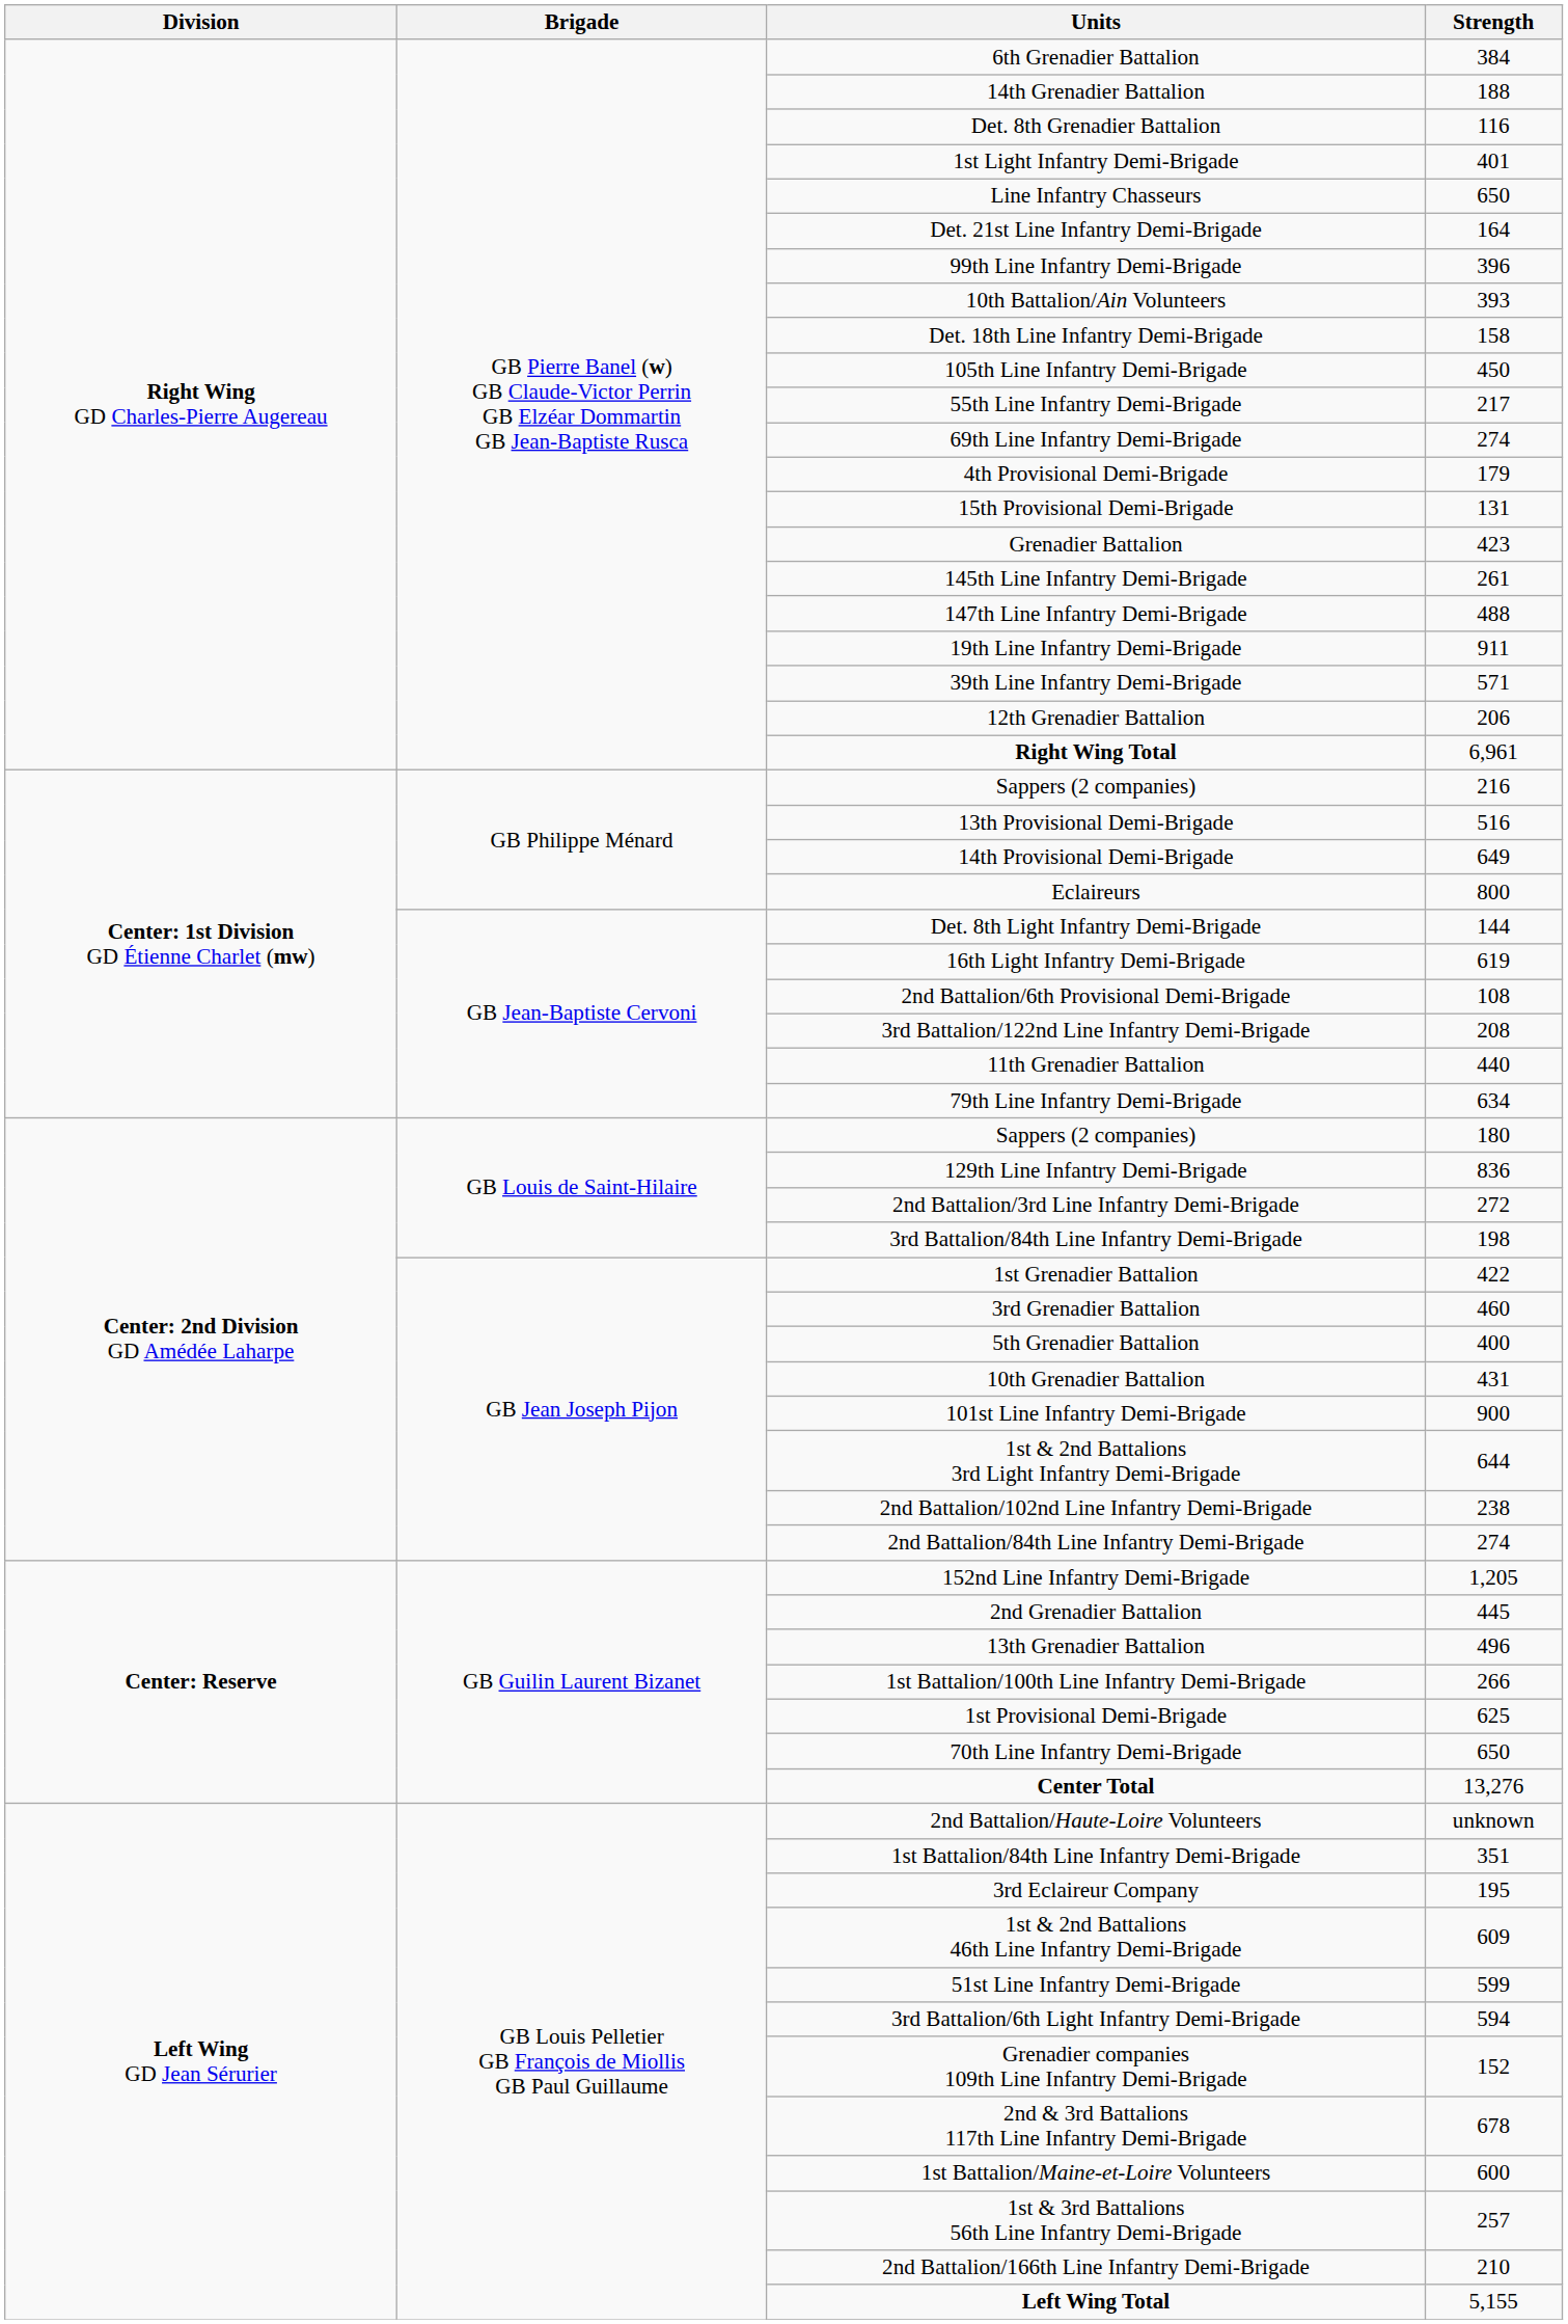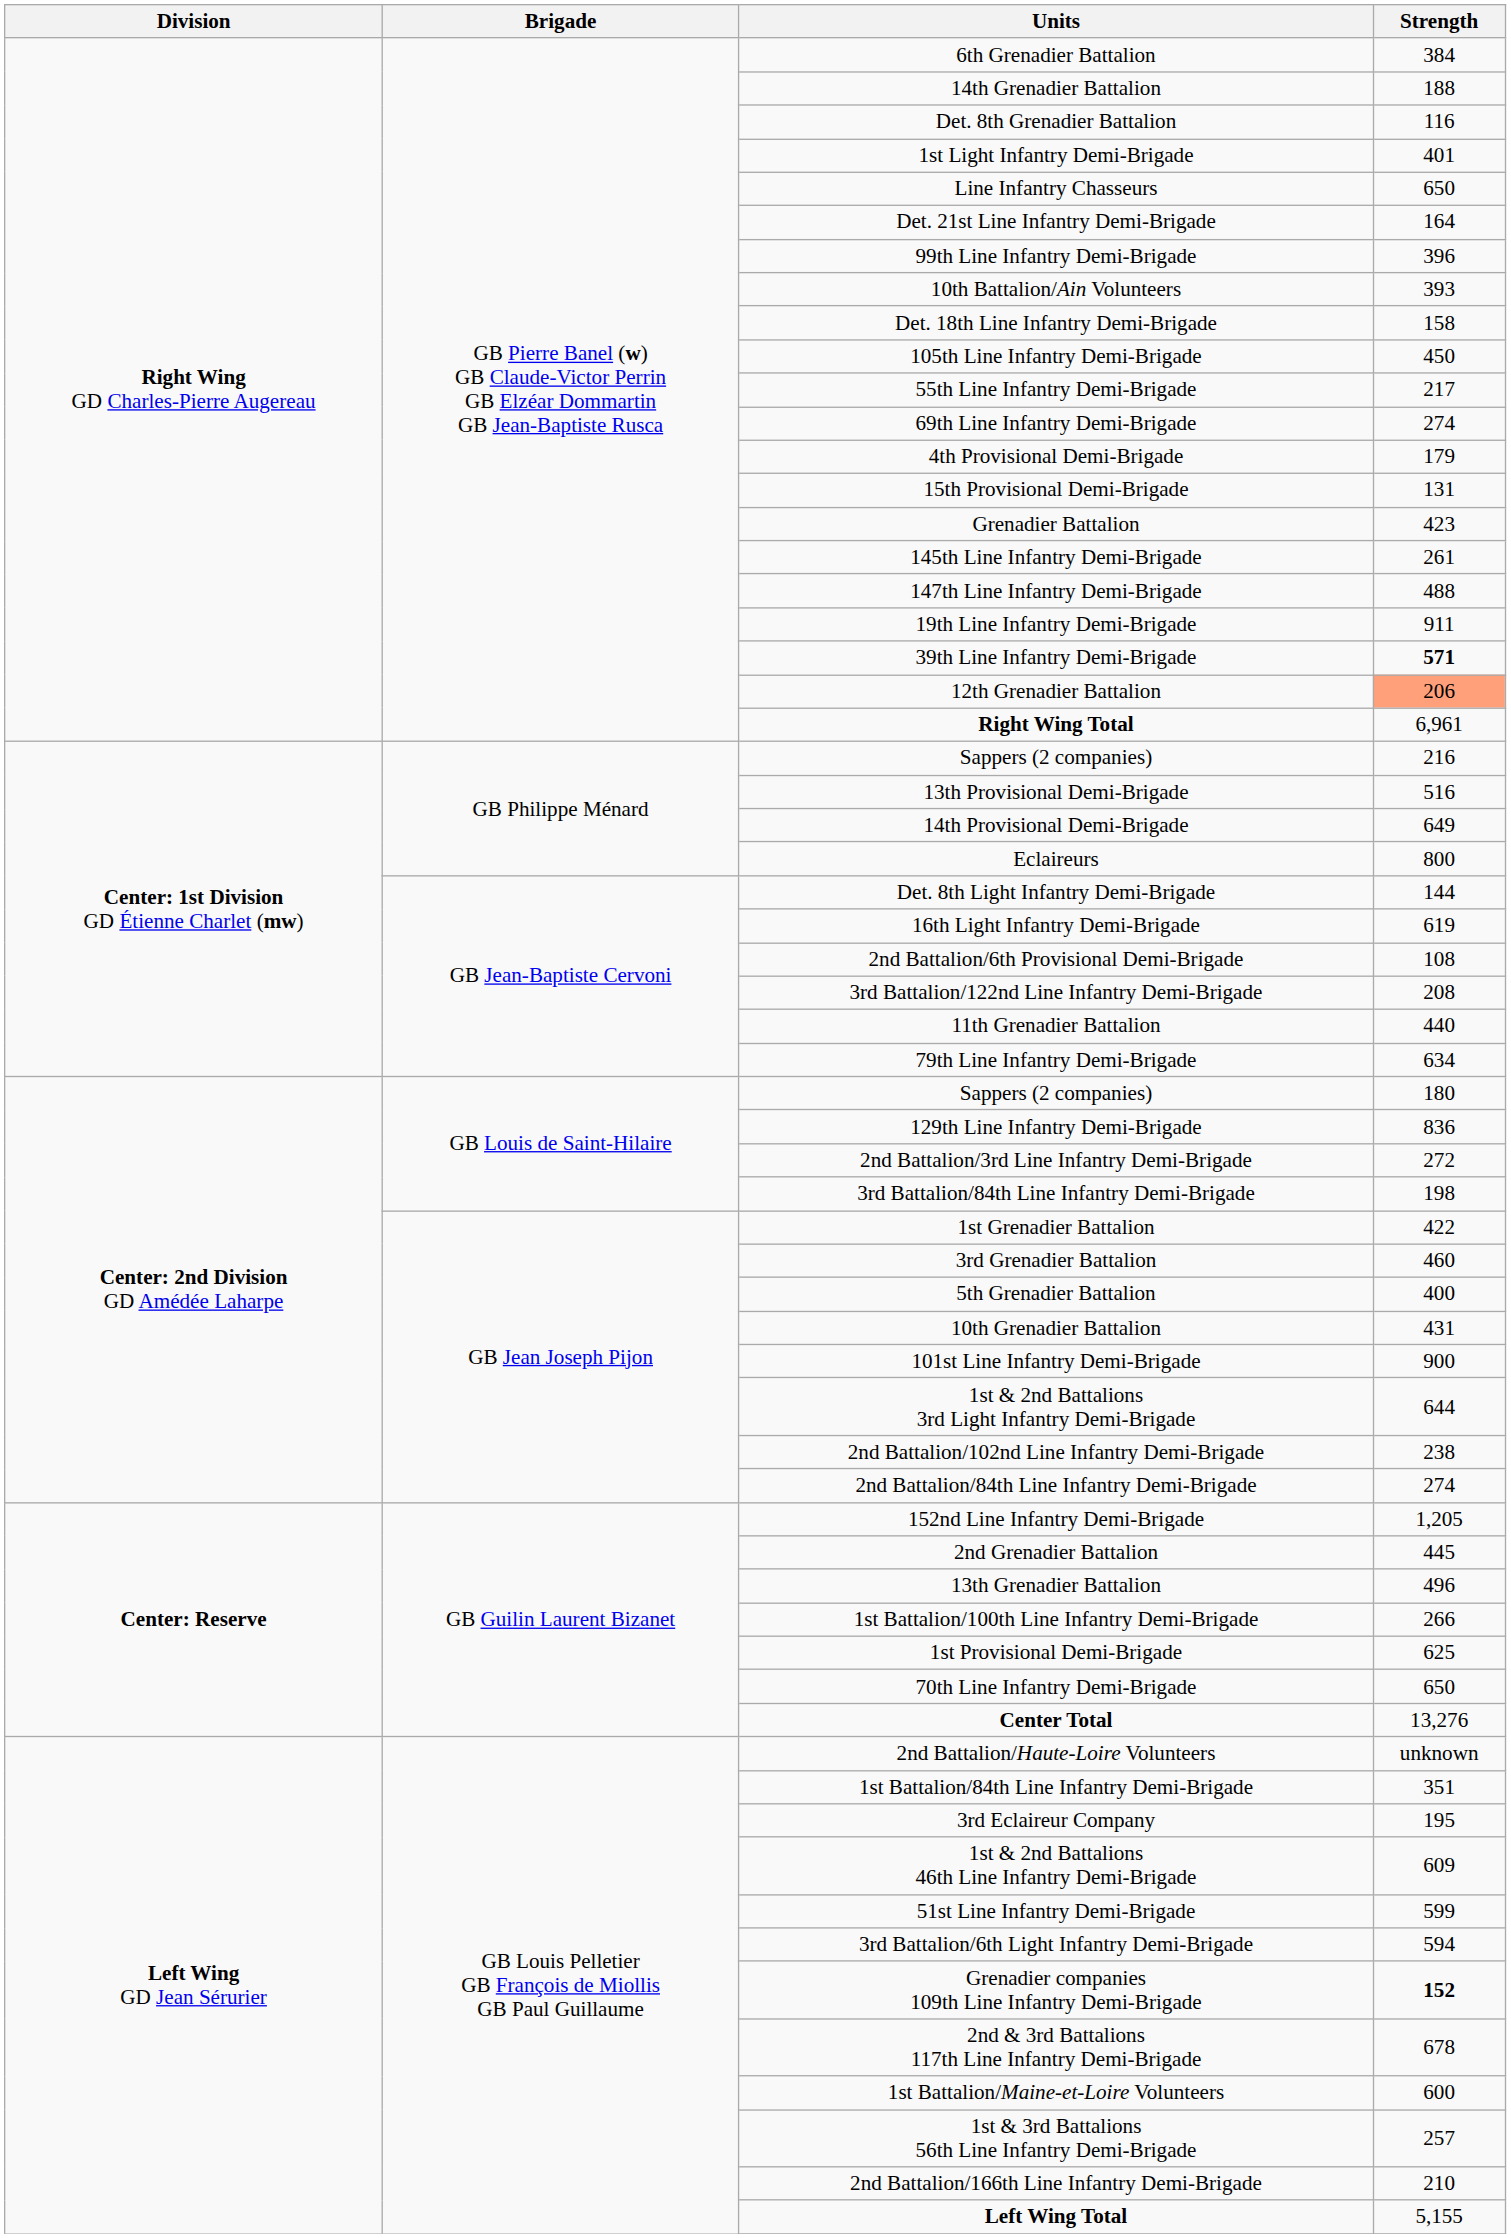 <table class="wikitable" style="text-align:center; width:90%;">
 <tr>
 <th>Division</th>
 <th>Brigade</th>
 <th>Units</th>
 <th>Strength</th>
 </tr>
 <tr>
 <td rowspan=21><strong>Right Wing</strong><br>GD <a href='#'>Charles-Pierre Augereau</a></td>
 <td rowspan=21>GB <a href='#'>Pierre Banel</a> (<strong>w</strong>)<br>GB <a href='#'>Claude-Victor Perrin</a><br>GB <a href='#'>Elzéar Dommartin</a><br>GB <a href='#'>Jean-Baptiste Rusca</a></td>
 <td>6th Grenadier Battalion</td>
 <td>384</td>
 </tr>
 <tr>
 <td>14th Grenadier Battalion</td>
 <td>188</td>
 </tr>
 <tr>
 <td>Det. 8th Grenadier Battalion</td>
 <td>116</td>
 </tr>
 <tr>
 <td>1st Light Infantry Demi-Brigade</td>
 <td>401</td>
 </tr>
 <tr>
 <td>Line Infantry Chasseurs</td>
 <td>650</td>
 </tr>
 <tr>
 <td>Det. 21st Line Infantry Demi-Brigade</td>
 <td>164</td>
 </tr>
 <tr>
 <td>99th Line Infantry Demi-Brigade</td>
 <td>396</td>
 </tr>
 <tr>
 <td>10th Battalion/<em>Ain</em> Volunteers</td>
 <td>393</td>
 </tr>
 <tr>
 <td>Det. 18th Line Infantry Demi-Brigade</td>
 <td>158</td>
 </tr>
 <tr>
 <td>105th Line Infantry Demi-Brigade</td>
 <td>450</td>
 </tr>
 <tr>
 <td>55th Line Infantry Demi-Brigade</td>
 <td>217</td>
 </tr>
 <tr>
 <td>69th Line Infantry Demi-Brigade</td>
 <td>274</td>
 </tr>
 <tr>
 <td>4th Provisional Demi-Brigade</td>
 <td>179</td>
 </tr>
 <tr>
 <td>15th Provisional Demi-Brigade</td>
 <td>131</td>
 </tr>
 <tr>
 <td>Grenadier Battalion</td>
 <td>423</td>
 </tr>
 <tr>
 <td>145th Line Infantry Demi-Brigade</td>
 <td>261</td>
 </tr>
 <tr>
 <td>147th Line Infantry Demi-Brigade</td>
 <td>488</td>
 </tr>
 <tr>
 <td>19th Line Infantry Demi-Brigade</td>
 <td>911</td>
 </tr>
 <tr>
 <td>39th Line Infantry Demi-Brigade</td>
-<td>571</td>
+<td><strong>571</strong></td>
 </tr>
 <tr>
 <td>12th Grenadier Battalion</td>
-<td>206</td>
+<td style="background: lightsalmon;">206</td>
 </tr>
 <tr>
 <td><strong>Right Wing Total</strong></td>
 <td>6,961</td>
 </tr>
 <tr>
 <td rowspan=10><strong>Center: 1st Division</strong><br>GD <a href='#'>Étienne Charlet</a> (<strong>mw</strong>)</td>
 <td rowspan=4>GB Philippe Ménard</td>
 <td>Sappers (2 companies)</td>
 <td>216</td>
 </tr>
 <tr>
 <td>13th Provisional Demi-Brigade</td>
 <td>516</td>
 </tr>
 <tr>
 <td>14th Provisional Demi-Brigade</td>
 <td>649</td>
 </tr>
 <tr>
 <td>Eclaireurs</td>
 <td>800</td>
 </tr>
 <tr>
 <td rowspan=6>GB <a href='#'>Jean-Baptiste Cervoni</a></td>
 <td>Det. 8th Light Infantry Demi-Brigade</td>
 <td>144</td>
 </tr>
 <tr>
 <td>16th Light Infantry Demi-Brigade</td>
 <td>619</td>
 </tr>
 <tr>
 <td>2nd Battalion/6th Provisional Demi-Brigade</td>
 <td>108</td>
 </tr>
 <tr>
 <td>3rd Battalion/122nd Line Infantry Demi-Brigade</td>
 <td>208</td>
 </tr>
 <tr>
 <td>11th Grenadier Battalion</td>
 <td>440</td>
 </tr>
 <tr>
 <td>79th Line Infantry Demi-Brigade</td>
 <td>634</td>
 </tr>
 <tr>
 <td rowspan=12><strong>Center: 2nd Division</strong><br>GD <a href='#'>Amédée Laharpe</a></td>
 <td rowspan=4>GB <a href='#'>Louis de Saint-Hilaire</a></td>
 <td>Sappers (2 companies)</td>
 <td>180</td>
 </tr>
 <tr>
 <td>129th Line Infantry Demi-Brigade</td>
 <td>836</td>
 </tr>
 <tr>
 <td>2nd Battalion/3rd Line Infantry Demi-Brigade</td>
 <td>272</td>
 </tr>
 <tr>
 <td>3rd Battalion/84th Line Infantry Demi-Brigade</td>
 <td>198</td>
 </tr>
 <tr>
 <td rowspan=8>GB <a href='#'>Jean Joseph Pijon</a></td>
 <td>1st Grenadier Battalion</td>
 <td>422</td>
 </tr>
 <tr>
 <td>3rd Grenadier Battalion</td>
 <td>460</td>
 </tr>
 <tr>
 <td>5th Grenadier Battalion</td>
 <td>400</td>
 </tr>
 <tr>
 <td>10th Grenadier Battalion</td>
 <td>431</td>
 </tr>
 <tr>
 <td>101st Line Infantry Demi-Brigade</td>
 <td>900</td>
 </tr>
 <tr>
 <td>1st & 2nd Battalions<br>3rd Light Infantry Demi-Brigade</td>
 <td>644</td>
 </tr>
 <tr>
 <td>2nd Battalion/102nd Line Infantry Demi-Brigade</td>
 <td>238</td>
 </tr>
 <tr>
 <td>2nd Battalion/84th Line Infantry Demi-Brigade</td>
 <td>274</td>
 </tr>
 <tr>
 <td rowspan=7><strong>Center: Reserve</strong></td>
 <td rowspan=7>GB <a href='#'>Guilin Laurent Bizanet</a></td>
 <td>152nd Line Infantry Demi-Brigade</td>
 <td>1,205</td>
 </tr>
 <tr>
 <td>2nd Grenadier Battalion</td>
 <td>445</td>
 </tr>
 <tr>
 <td>13th Grenadier Battalion</td>
 <td>496</td>
 </tr>
 <tr>
 <td>1st Battalion/100th Line Infantry Demi-Brigade</td>
 <td>266</td>
 </tr>
 <tr>
 <td>1st Provisional Demi-Brigade</td>
 <td>625</td>
 </tr>
 <tr>
 <td>70th Line Infantry Demi-Brigade</td>
 <td>650</td>
 </tr>
 <tr>
 <td><strong>Center Total</strong></td>
 <td>13,276</td>
 </tr>
 <tr>
 <td rowspan=13><strong>Left Wing</strong><br>GD <a href='#'>Jean Sérurier</a></td>
 <td rowspan=13>GB Louis Pelletier<br>GB <a href='#'>François de Miollis</a><br>GB Paul Guillaume</td>
 <td>2nd Battalion/<em>Haute-Loire</em> Volunteers</td>
 <td>unknown</td>
 </tr>
 <tr>
 <td>1st Battalion/84th Line Infantry Demi-Brigade</td>
 <td>351</td>
 </tr>
 <tr>
 <td>3rd Eclaireur Company</td>
 <td>195</td>
 </tr>
 <tr>
 <td>1st & 2nd Battalions<br>46th Line Infantry Demi-Brigade</td>
 <td>609</td>
 </tr>
 <tr>
 <td>51st Line Infantry Demi-Brigade</td>
 <td>599</td>
 </tr>
 <tr>
 <td>3rd Battalion/6th Light Infantry Demi-Brigade</td>
 <td>594</td>
 </tr>
 <tr>
 <td>Grenadier companies<br>109th Line Infantry Demi-Brigade</td>
-<td>152</td>
+<td><strong>152</strong></td>
 </tr>
 <tr>
 <td>2nd & 3rd Battalions<br>117th Line Infantry Demi-Brigade</td>
 <td>678</td>
 </tr>
 <tr>
 <td>1st Battalion/<em>Maine-et-Loire</em> Volunteers</td>
 <td>600</td>
 </tr>
 <tr>
 <td>1st & 3rd Battalions<br>56th Line Infantry Demi-Brigade</td>
 <td>257</td>
 </tr>
 <tr>
 <td>2nd Battalion/166th Line Infantry Demi-Brigade</td>
 <td>210</td>
 </tr>
 <tr>
 <td><strong>Left Wing Total</strong></td>
 <td>5,155</td>
 </tr>
 <tr>
 </tr>
 </table>
